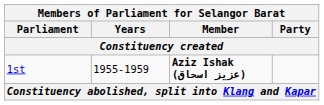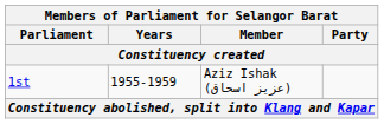 <table class="wikitable">
 <tr>
 <th colspan="4">Members of Parliament for Selangor Barat</th>
 </tr>
 <tr>
 <th>Parliament</th>
 <th>Years</th>
 <th>Member</th>
 <th>Party</th>
 </tr>
 <tr>
 <th colspan="4"><em>Constituency created</em></th>
 </tr>
 <tr>
 <td><a href='#'>1st</a></td>
 <td>1955-1959</td>
-<td><strong>Aziz Ishak  <br>(عزيز اسحاق)</strong></td>
+<td>Aziz Ishak  <br>(عزيز اسحاق)</td>
 <td></td>
 </tr>
 <tr>
 <th colspan="4"><em>Constituency abolished, split into <a href='#'>Klang</a> and <a href='#'>Kapar</a></em></th>
 </tr>
 </table>
